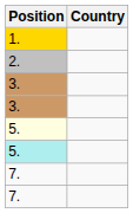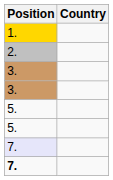 <table class=wikitable>
 <tr>
 <th width=10>Position</th>
 <th>Country</th>
 </tr>
 <tr>
 <td bgcolor=gold>1.</td>
 <td></td>
 </tr>
 <tr>
 <td bgcolor="silver">2.</td>
 <td></td>
 </tr>
 <tr>
 <td bgcolor="CC9966">3.</td>
 <td></td>
 </tr>
 <tr>
 <td bgcolor="CC9966">3.</td>
 <td></td>
 </tr>
 <tr>
-<td style="background: lightyellow;">5.</td>
+<td>5.</td>
 <td></td>
 </tr>
 <tr>
-<td style="background: paleturquoise;">5.</td>
+<td>5.</td>
 <td></td>
 </tr>
 <tr>
-<td>7.</td>
+<td style="background: lavender;">7.</td>
 <td></td>
 </tr>
 <tr>
-<td>7.</td>
+<td><strong>7.</strong></td>
 <td></td>
 </tr>
 </table>
